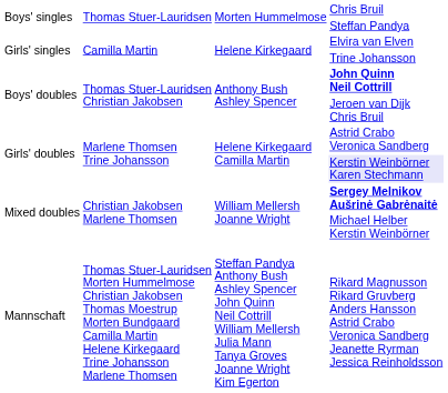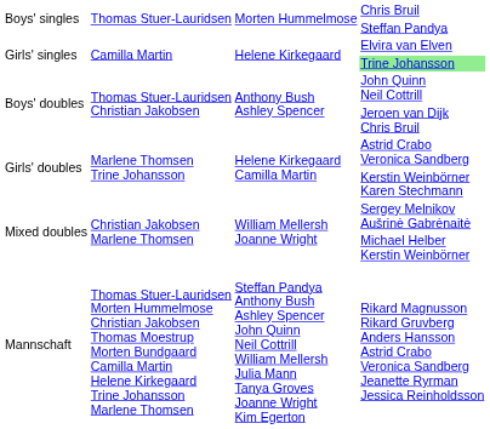 <table>
 <tr>
 <td rowspan=2>Boys' singles</td>
 <td rowspan=2> <a href='#'>Thomas Stuer-Lauridsen</a></td>
 <td rowspan=2> <a href='#'>Morten Hummelmose</a></td>
 <td> <a href='#'>Chris Bruil</a></td>
 </tr>
 <tr>
 <td> <a href='#'>Steffan Pandya</a></td>
 </tr>
 <tr>
 <td rowspan=2>Girls' singles</td>
 <td rowspan=2> <a href='#'>Camilla Martin</a></td>
 <td rowspan=2> <a href='#'>Helene Kirkegaard</a></td>
 <td> <a href='#'>Elvira van Elven</a></td>
 </tr>
 <tr>
-<td> <a href='#'>Trine Johansson</a></td>
+<td style="background: lightgreen;"> <a href='#'>Trine Johansson</a></td>
 </tr>
 <tr>
 <td rowspan=2>Boys' doubles</td>
 <td rowspan=2> <a href='#'>Thomas Stuer-Lauridsen</a> <br>  <a href='#'>Christian Jakobsen</a></td>
 <td rowspan=2> <a href='#'>Anthony Bush</a> <br>  <a href='#'>Ashley Spencer</a></td>
-<td><strong> <a href='#'>John Quinn</a> <br>  <a href='#'>Neil Cottrill</a></strong></td>
+<td> <a href='#'>John Quinn</a> <br>  <a href='#'>Neil Cottrill</a></td>
 </tr>
 <tr>
 <td> <a href='#'>Jeroen van Dijk</a> <br>  <a href='#'>Chris Bruil</a></td>
 </tr>
 <tr>
 <td rowspan=2>Girls' doubles</td>
 <td rowspan=2> <a href='#'>Marlene Thomsen</a> <br>  <a href='#'>Trine Johansson</a></td>
 <td rowspan=2> <a href='#'>Helene Kirkegaard</a> <br>  <a href='#'>Camilla Martin</a></td>
 <td> <a href='#'>Astrid Crabo</a> <br>  <a href='#'>Veronica Sandberg</a></td>
 </tr>
 <tr>
-<td style="background: lavender;"> <a href='#'>Kerstin Weinbörner</a> <br>  <a href='#'>Karen Stechmann</a></td>
+<td> <a href='#'>Kerstin Weinbörner</a> <br>  <a href='#'>Karen Stechmann</a></td>
 </tr>
 <tr>
 <td rowspan=2>Mixed doubles</td>
 <td rowspan=2> <a href='#'>Christian Jakobsen</a> <br>  <a href='#'>Marlene Thomsen</a></td>
 <td rowspan=2> <a href='#'>William Mellersh</a> <br>  <a href='#'>Joanne Wright</a></td>
-<td><strong> <a href='#'>Sergey Melnikov</a><br>  <a href='#'>Aušrinė Gabrėnaitė</a></strong></td>
+<td> <a href='#'>Sergey Melnikov</a><br>  <a href='#'>Aušrinė Gabrėnaitė</a></td>
 </tr>
 <tr>
 <td> <a href='#'>Michael Helber</a> <br>  <a href='#'>Kerstin Weinbörner</a></td>
 </tr>
 <tr>
 <td>Mannschaft</td>
 <td><br><a href='#'>Thomas Stuer-Lauridsen</a><br><a href='#'>Morten Hummelmose</a><br><a href='#'>Christian Jakobsen</a><br><a href='#'>Thomas Moestrup</a><br><a href='#'>Morten Bundgaard</a><br><a href='#'>Camilla Martin</a><br><a href='#'>Helene Kirkegaard</a><br><a href='#'>Trine Johansson</a><br><a href='#'>Marlene Thomsen</a></td>
 <td><br><a href='#'>Steffan Pandya</a><br><a href='#'>Anthony Bush</a><br><a href='#'>Ashley Spencer</a><br><a href='#'>John Quinn</a><br><a href='#'>Neil Cottrill</a><br><a href='#'>William Mellersh</a><br><a href='#'>Julia Mann</a><br><a href='#'>Tanya Groves</a><br><a href='#'>Joanne Wright</a><br><a href='#'>Kim Egerton</a></td>
 <td><br><a href='#'>Rikard Magnusson</a><br><a href='#'>Rikard Gruvberg</a><br><a href='#'>Anders Hansson</a><br><a href='#'>Astrid Crabo</a><br><a href='#'>Veronica Sandberg</a><br><a href='#'>Jeanette Ryrman</a><br><a href='#'>Jessica Reinholdsson</a></td>
 </tr>
 </table>
